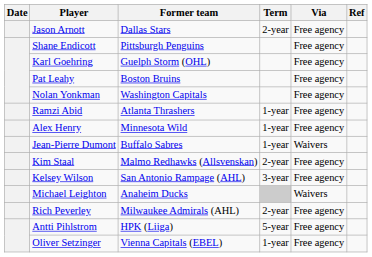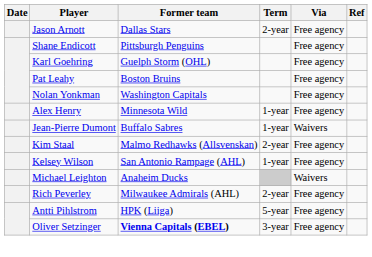 <table class="wikitable plainrowheaders">
 <tr style="background:#ddd; text-align:center;">
 <th>Date</th>
 <th>Player</th>
 <th>Former team</th>
 <th>Term</th>
 <th>Via</th>
 <th>Ref</th>
 </tr>
 <tr>
 <th scope="row"></th>
 <td><a href='#'>Jason Arnott</a></td>
 <td><a href='#'>Dallas Stars</a></td>
 <td>2-year</td>
 <td>Free agency</td>
 <td></td>
 </tr>
 <tr>
 <th scope="row" rowspan=4></th>
 <td><a href='#'>Shane Endicott</a></td>
 <td><a href='#'>Pittsburgh Penguins</a></td>
 <td></td>
 <td>Free agency</td>
 <td></td>
 </tr>
 <tr>
 <td><a href='#'>Karl Goehring</a></td>
 <td><a href='#'>Guelph Storm</a> (<a href='#'>OHL</a>)</td>
 <td></td>
 <td>Free agency</td>
 <td></td>
 </tr>
 <tr>
 <td><a href='#'>Pat Leahy</a></td>
 <td><a href='#'>Boston Bruins</a></td>
 <td></td>
 <td>Free agency</td>
 <td></td>
 </tr>
 <tr>
 <td><a href='#'>Nolan Yonkman</a></td>
 <td><a href='#'>Washington Capitals</a></td>
 <td></td>
 <td>Free agency</td>
 <td></td>
 </tr>
 <tr>
 <th scope="row"></th>
-<td><a href='#'>Ramzi Abid</a></td>
-<td><a href='#'>Atlanta Thrashers</a></td>
-<td>1-year</td>
-<td>Free agency</td>
-<td></td>
-</tr>
-<tr>
-<th scope="row"></th>
 <td><a href='#'>Alex Henry</a></td>
 <td><a href='#'>Minnesota Wild</a></td>
 <td>1-year</td>
 <td>Free agency</td>
 <td></td>
 </tr>
 <tr>
 <th scope="row"></th>
 <td><a href='#'>Jean-Pierre Dumont</a></td>
 <td><a href='#'>Buffalo Sabres</a></td>
 <td>1-year</td>
 <td>Waivers</td>
 <td></td>
 </tr>
 <tr>
 <th scope="row"></th>
 <td><a href='#'>Kim Staal</a></td>
 <td><a href='#'>Malmo Redhawks</a> (<a href='#'>Allsvenskan</a>)</td>
 <td>2-year</td>
 <td>Free agency</td>
 <td></td>
 </tr>
 <tr>
 <th scope="row"></th>
 <td><a href='#'>Kelsey Wilson</a></td>
 <td><a href='#'>San Antonio Rampage</a> (<a href='#'>AHL</a>)</td>
-<td>3-year</td>
+<td>1-year</td>
 <td>Free agency</td>
 <td></td>
 </tr>
 <tr>
 <th scope="row"></th>
 <td><a href='#'>Michael Leighton</a></td>
 <td><a href='#'>Anaheim Ducks</a></td>
 <td style="background:#ccc"></td>
 <td>Waivers</td>
 <td></td>
 </tr>
 <tr>
 <th scope="row"></th>
 <td><a href='#'>Rich Peverley</a></td>
 <td><a href='#'>Milwaukee Admirals</a> (AHL)</td>
 <td>2-year</td>
 <td>Free agency</td>
 <td></td>
 </tr>
 <tr>
 <th scope="row" rowspan=2></th>
 <td><a href='#'>Antti Pihlstrom</a></td>
 <td><a href='#'>HPK</a> (<a href='#'>Liiga</a>)</td>
 <td>5-year</td>
 <td>Free agency</td>
 <td></td>
 </tr>
 <tr>
 <td><a href='#'>Oliver Setzinger</a></td>
-<td><a href='#'>Vienna Capitals</a> (<a href='#'>EBEL</a>)</td>
-<td>1-year</td>
+<td><strong><a href='#'>Vienna Capitals</a> (<a href='#'>EBEL</a>)</strong></td>
+<td>3-year</td>
 <td>Free agency</td>
 <td></td>
 </tr>
 </table>
